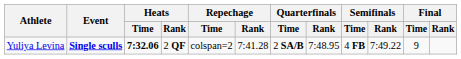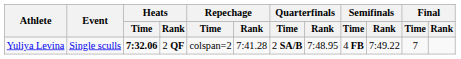 <table class="wikitable" style="font-size:90%">
 <tr>
 <th rowspan="2">Athlete</th>
 <th rowspan="2">Event</th>
 <th colspan="2">Heats</th>
 <th colspan="2">Repechage</th>
 <th colspan=2>Quarterfinals</th>
 <th colspan="2">Semifinals</th>
 <th colspan="2">Final</th>
 </tr>
 <tr style="font-size:95%">
 <th>Time</th>
 <th>Rank</th>
 <th>Time</th>
 <th>Rank</th>
 <th>Time</th>
 <th>Rank</th>
 <th>Time</th>
 <th>Rank</th>
 <th>Time</th>
 <th>Rank</th>
 </tr>
 <tr align=center>
 <td align=left><a href='#'>Yuliya Levina</a></td>
-<td align=left><strong><a href='#'>Single sculls</a></strong></td>
+<td align=left><a href='#'>Single sculls</a></td>
 <td><strong>7:32.06</strong></td>
 <td>2 <strong>QF</strong></td>
 <td>colspan=2 </td>
 <td>7:41.28</td>
 <td>2 <strong>SA/B</strong></td>
 <td>7:48.95</td>
 <td>4 <strong>FB</strong></td>
 <td>7:49.22</td>
-<td>9</td>
+<td>7</td>
 </tr>
 </table>
